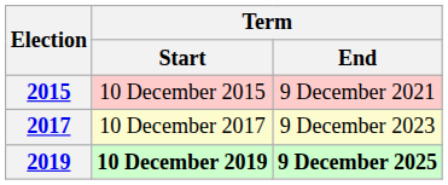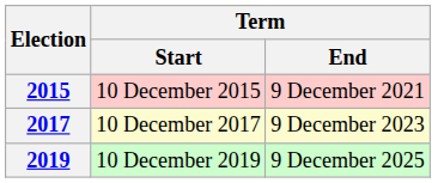 <table class="wikitable" style="text-align:center">
 <tr>
 <th rowspan="2">Election</th>
 <th colspan="2">Term</th>
 </tr>
 <tr>
 <th>Start</th>
 <th>End</th>
 </tr>
 <tr>
 <th><a href='#'>2015</a></th>
 <td bgcolor="#fcc">10 December 2015</td>
 <td bgcolor="#fcc">9 December 2021</td>
 </tr>
 <tr>
 <th><a href='#'>2017</a></th>
 <td bgcolor="#fcfccf">10 December 2017</td>
 <td bgcolor="#fcfccf">9 December 2023</td>
 </tr>
 <tr>
 <th><a href='#'>2019</a></th>
-<td bgcolor="#cfc"><strong>10 December 2019</strong></td>
-<td bgcolor="#cfc"><strong>9 December 2025</strong></td>
+<td bgcolor="#cfc">10 December 2019</td>
+<td bgcolor="#cfc">9 December 2025</td>
 </tr>
 </table>
